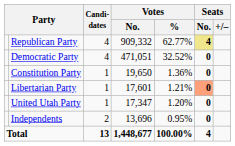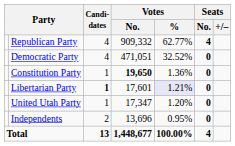 <table class="wikitable" style="font-size:100%; text-align:right;">
 <tr>
 <th colspan=2 rowspan=2>Party</th>
 <th rowspan=2><small>Candi-<br>dates</small></th>
 <th colspan=2>Votes</th>
 <th colspan=2>Seats</th>
 </tr>
 <tr>
 <th>No.</th>
 <th>%</th>
 <th>No.</th>
 <th>+/–</th>
 </tr>
 <tr>
 <td style="background:"></td>
 <td align=left><a href='#'>Republican Party</a></td>
 <td>4</td>
 <td>909,332</td>
 <td>62.77%</td>
-<td style="background: khaki;"><strong>4</strong></td>
+<td><strong>4</strong></td>
 <td></td>
 </tr>
 <tr>
 <td style="background:"></td>
 <td align=left><a href='#'>Democratic Party</a></td>
 <td>4</td>
 <td>471,051</td>
 <td>32.52%</td>
 <td><strong>0</strong></td>
 <td></td>
 </tr>
 <tr>
 <td style="background:"></td>
 <td align=left><a href='#'>Constitution Party</a></td>
 <td>1</td>
-<td>19,650</td>
+<td><strong>19,650</strong></td>
 <td>1.36%</td>
 <td><strong>0</strong></td>
 <td></td>
 </tr>
 <tr>
 <td style="background:"></td>
 <td align=left><a href='#'>Libertarian Party</a></td>
-<td>1</td>
+<td><strong>1</strong></td>
 <td>17,601</td>
-<td>1.21%</td>
-<td style="background: lightsalmon;"><strong>0</strong></td>
+<td style="background: lavender;">1.21%</td>
+<td><strong>0</strong></td>
 <td></td>
 </tr>
 <tr>
 <td style="background:"></td>
 <td align=left><a href='#'>United Utah Party</a></td>
 <td>1</td>
 <td>17,347</td>
 <td>1.20%</td>
 <td><strong>0</strong></td>
 <td></td>
 </tr>
 <tr>
 <td style="background:"></td>
 <td align=left><a href='#'>Independents</a></td>
 <td>2</td>
 <td>13,696</td>
 <td>0.95%</td>
 <td><strong>0</strong></td>
 <td></td>
 </tr>
 <tr style="font-weight:bold">
 <td colspan=2 align=left>Total</td>
 <td>13</td>
 <td>1,448,677</td>
 <td>100.00%</td>
 <td>4</td>
 <td></td>
 </tr>
 </table>
